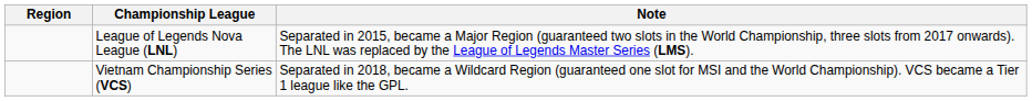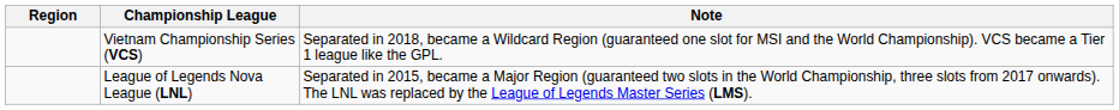 <table class="wikitable">
 <tr>
 <th style="width: 100px">Region</th>
 <th>Championship League</th>
 <th>Note</th>
 </tr>
 <tr>
+<td></td>
+<td>Vietnam Championship Series (<strong>VCS</strong>)</td>
+<td>Separated in 2018, became a Wildcard Region (guaranteed one slot for MSI and the World Championship). VCS became a Tier 1 league like the GPL.</td>
+</tr>
+<tr>
 <td><br><br></td>
 <td>League of Legends Nova League (<strong>LNL</strong>)</td>
 <td>Separated in 2015, became a Major Region (guaranteed two slots in the World Championship, three slots from 2017 onwards). The LNL was replaced by the <a href='#'>League of Legends Master Series</a> (<strong>LMS</strong>).</td>
 </tr>
-<tr>
-<td></td>
-<td>Vietnam Championship Series (<strong>VCS</strong>)</td>
-<td>Separated in 2018, became a Wildcard Region (guaranteed one slot for MSI and the World Championship). VCS became a Tier 1 league like the GPL.</td>
-</tr>
 </table>
